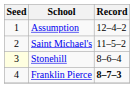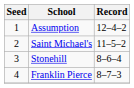 <table class="wikitable">
 <tr>
 <th>Seed</th>
 <th>School</th>
 <th>Record</th>
 </tr>
 <tr>
 <td align=center>1</td>
 <td><a href='#'>Assumption</a></td>
 <td>12–4–2</td>
 </tr>
 <tr>
 <td align=center>2</td>
 <td><a href='#'>Saint Michael's</a></td>
 <td>11–5–2</td>
 </tr>
 <tr>
-<td align=center style="background: lightyellow;">3</td>
+<td align=center>3</td>
 <td><a href='#'>Stonehill</a></td>
 <td>8–6–4</td>
 </tr>
 <tr>
 <td align=center>4</td>
 <td><a href='#'>Franklin Pierce</a></td>
-<td><strong>8–7–3</strong></td>
+<td>8–7–3</td>
 </tr>
 <tr>
 </tr>
 </table>
